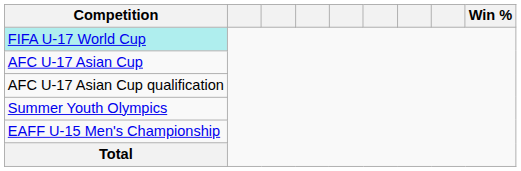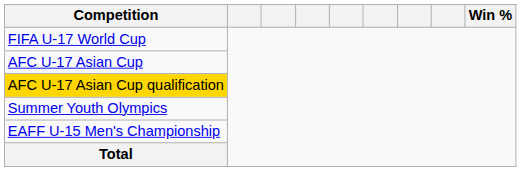 <table class="wikitable" style="text-align:center;">
 <tr>
 <th>Competition</th>
 <th width="30"></th>
 <th width="30"></th>
 <th width="30"></th>
 <th width="30"></th>
 <th width="30"></th>
 <th width="30"></th>
 <th width="30"></th>
 <th>Win %</th>
 </tr>
 <tr>
-<td align="left" style="background: paleturquoise;"><a href='#'>FIFA U-17 World Cup</a><br></td>
+<td align="left"><a href='#'>FIFA U-17 World Cup</a><br></td>
 </tr>
 <tr>
 <td align="left"><a href='#'>AFC U-17 Asian Cup</a><br></td>
 </tr>
 <tr>
-<td align="left">AFC U-17 Asian Cup qualification<br></td>
+<td align="left" style="background: gold;">AFC U-17 Asian Cup qualification<br></td>
 </tr>
 <tr>
 <td align="left"><a href='#'>Summer Youth Olympics</a><br></td>
 </tr>
 <tr>
 <td align="left"><a href='#'>EAFF U-15 Men's Championship</a><br></td>
 </tr>
 <tr>
 <th>Total<br></th>
 </tr>
 </table>
